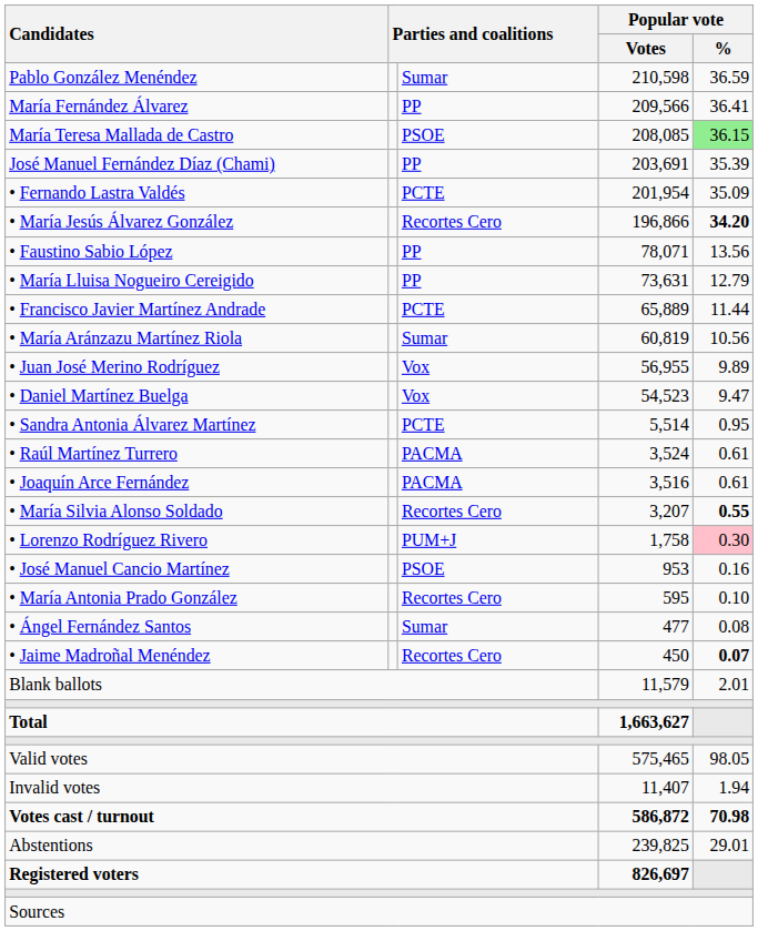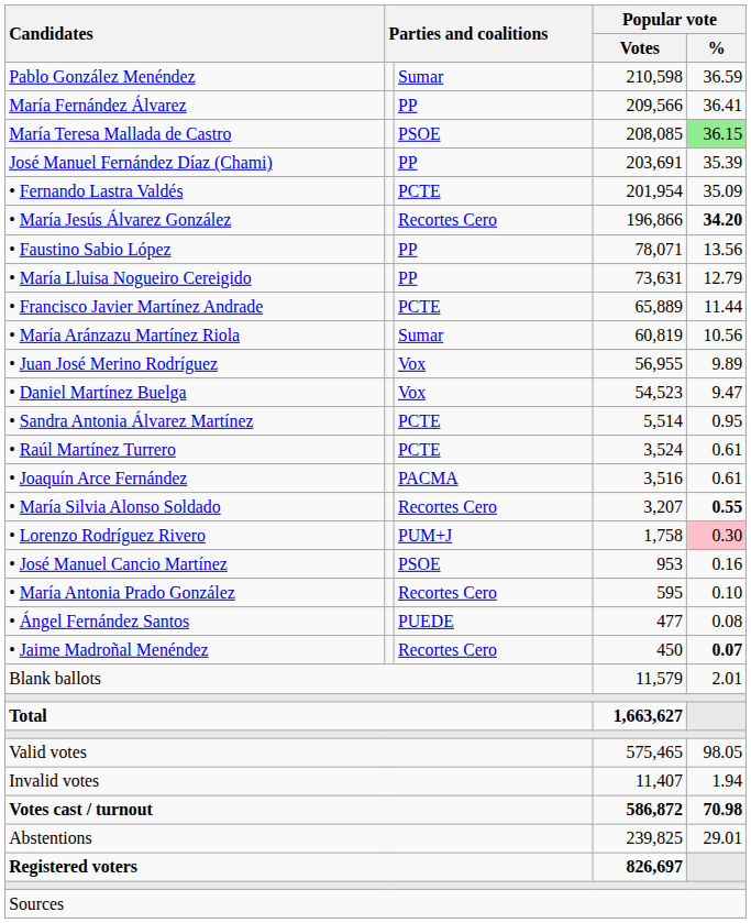 <table class="wikitable" style="text-align:right; font-size:95%;">
 <tr>
 <th style="text-align:left;" rowspan="2" width="325">Candidates</th>
 <th style="text-align:left;" rowspan="2" colspan="2" width="175">Parties and coalitions</th>
 <th colspan="2">Popular vote</th>
 </tr>
 <tr>
 <th width="75">Votes</th>
 <th width="45">%</th>
 </tr>
 <tr>
 <td align="left"> <a href='#'>Pablo González Menéndez</a></td>
 <td width="1" style="color:inherit;background:"></td>
 <td align="left"><a href='#'>Sumar</a></td>
 <td>210,598</td>
 <td>36.59</td>
 </tr>
 <tr>
 <td align="left"> <a href='#'>María Fernández Álvarez</a></td>
 <td width="1" style="color:inherit;background:"></td>
 <td align="left"><a href='#'>PP</a></td>
 <td>209,566</td>
 <td>36.41</td>
 </tr>
 <tr>
 <td align="left"> <a href='#'>María Teresa Mallada de Castro</a></td>
 <td width="1" style="color:inherit;background:"></td>
 <td align="left"><a href='#'>PSOE</a></td>
 <td>208,085</td>
 <td style="background: lightgreen;">36.15</td>
 </tr>
 <tr>
 <td align="left"> <a href='#'>José Manuel Fernández Díaz (Chami)</a></td>
 <td width="1" style="color:inherit;background:"></td>
 <td align="left"><a href='#'>PP</a></td>
 <td>203,691</td>
 <td>35.39</td>
 </tr>
 <tr>
 <td align="left">• <a href='#'>Fernando Lastra Valdés</a></td>
 <td width="1" style="color:inherit;background:"></td>
 <td align="left"><a href='#'>PCTE</a></td>
 <td>201,954</td>
 <td>35.09</td>
 </tr>
 <tr>
 <td align="left">• <a href='#'>María Jesús Álvarez González</a></td>
 <td width="1" style="color:inherit;background:"></td>
 <td align="left"><a href='#'>Recortes Cero</a></td>
 <td>196,866</td>
 <td><strong>34.20</strong></td>
 </tr>
 <tr>
 <td align="left">• <a href='#'>Faustino Sabio López</a></td>
 <td width="1" style="color:inherit;background:"></td>
 <td align="left"><a href='#'>PP</a></td>
 <td>78,071</td>
 <td>13.56</td>
 </tr>
 <tr>
 <td align="left">• <a href='#'>María Lluisa Nogueiro Cereigido</a></td>
 <td width="1" style="color:inherit;background:"></td>
 <td align="left"><a href='#'>PP</a></td>
 <td>73,631</td>
 <td>12.79</td>
 </tr>
 <tr>
 <td align="left">• <a href='#'>Francisco Javier Martínez Andrade</a></td>
 <td width="1" style="color:inherit;background:"></td>
 <td align="left"><a href='#'>PCTE</a></td>
 <td>65,889</td>
 <td>11.44</td>
 </tr>
 <tr>
 <td align="left">• <a href='#'>María Aránzazu Martínez Riola</a></td>
 <td width="1" style="color:inherit;background:"></td>
 <td align="left"><a href='#'>Sumar</a></td>
 <td>60,819</td>
 <td>10.56</td>
 </tr>
 <tr>
 <td align="left">• <a href='#'>Juan José Merino Rodríguez</a></td>
 <td width="1" style="color:inherit;background:"></td>
 <td align="left"><a href='#'>Vox</a></td>
 <td>56,955</td>
 <td>9.89</td>
 </tr>
 <tr>
 <td align="left">• <a href='#'>Daniel Martínez Buelga</a></td>
 <td width="1" style="color:inherit;background:"></td>
 <td align="left"><a href='#'>Vox</a></td>
 <td>54,523</td>
 <td>9.47</td>
 </tr>
 <tr>
 <td align="left">• <a href='#'>Sandra Antonia Álvarez Martínez</a></td>
 <td width="1" style="color:inherit;background:"></td>
 <td align="left"><a href='#'>PCTE</a></td>
 <td>5,514</td>
 <td>0.95</td>
 </tr>
 <tr>
 <td align="left">• <a href='#'>Raúl Martínez Turrero</a></td>
 <td width="1" style="color:inherit;background:"></td>
-<td align="left"><a href='#'>PACMA</a></td>
+<td align="left"><a href='#'>PCTE</a></td>
 <td>3,524</td>
 <td>0.61</td>
 </tr>
 <tr>
 <td align="left">• <a href='#'>Joaquín Arce Fernández</a></td>
 <td width="1" style="color:inherit;background:"></td>
 <td align="left"><a href='#'>PACMA</a></td>
 <td>3,516</td>
 <td>0.61</td>
 </tr>
 <tr>
 <td align="left">• <a href='#'>María Silvia Alonso Soldado</a></td>
 <td width="1" style="color:inherit;background:"></td>
 <td align="left"><a href='#'>Recortes Cero</a></td>
 <td>3,207</td>
 <td><strong>0.55</strong></td>
 </tr>
 <tr>
 <td align="left">• <a href='#'>Lorenzo Rodríguez Rivero</a></td>
 <td width="1" style="color:inherit;background:"></td>
 <td align="left"><a href='#'>PUM+J</a></td>
 <td>1,758</td>
 <td style="background: pink;">0.30</td>
 </tr>
 <tr>
 <td align="left">• <a href='#'>José Manuel Cancio Martínez</a></td>
 <td width="1" style="color:inherit;background:"></td>
 <td align="left"><a href='#'>PSOE</a></td>
 <td>953</td>
 <td>0.16</td>
 </tr>
 <tr>
 <td align="left">• <a href='#'>María Antonia Prado González</a></td>
 <td width="1" style="color:inherit;background:"></td>
 <td align="left"><a href='#'>Recortes Cero</a></td>
 <td>595</td>
 <td>0.10</td>
 </tr>
 <tr>
 <td align="left">• <a href='#'>Ángel Fernández Santos</a></td>
 <td width="1" style="color:inherit;background:"></td>
-<td align="left"><a href='#'>Sumar</a></td>
+<td align="left"><a href='#'>PUEDE</a></td>
 <td>477</td>
 <td>0.08</td>
 </tr>
 <tr>
 <td align="left">• <a href='#'>Jaime Madroñal Menéndez</a></td>
 <td width="1" style="color:inherit;background:"></td>
 <td align="left"><a href='#'>Recortes Cero</a></td>
 <td>450</td>
 <td><strong>0.07</strong></td>
 </tr>
 <tr>
 <td align="left" colspan="3">Blank ballots</td>
 <td>11,579</td>
 <td>2.01</td>
 </tr>
 <tr>
 <td colspan="5" bgcolor="#E9E9E9"></td>
 </tr>
 <tr style="font-weight:bold;">
 <td align="left" colspan="3">Total</td>
 <td>1,663,627</td>
 <td bgcolor="#E9E9E9"></td>
 </tr>
 <tr>
 <td colspan="5" bgcolor="#E9E9E9"></td>
 </tr>
 <tr>
 <td align="left" colspan="3">Valid votes</td>
 <td>575,465</td>
 <td>98.05</td>
 </tr>
 <tr>
 <td align="left" colspan="3">Invalid votes</td>
 <td>11,407</td>
 <td>1.94</td>
 </tr>
 <tr style="font-weight:bold;">
 <td align="left" colspan="3">Votes cast / turnout</td>
 <td>586,872</td>
 <td>70.98</td>
 </tr>
 <tr>
 <td align="left" colspan="3">Abstentions</td>
 <td>239,825</td>
 <td>29.01</td>
 </tr>
 <tr style="font-weight:bold;">
 <td align="left" colspan="3">Registered voters</td>
 <td>826,697</td>
 <td bgcolor="#E9E9E9"></td>
 </tr>
 <tr>
 <td colspan="5" bgcolor="#E9E9E9"></td>
 </tr>
 <tr>
 <td align="left" colspan="5">Sources</td>
 </tr>
 </table>
